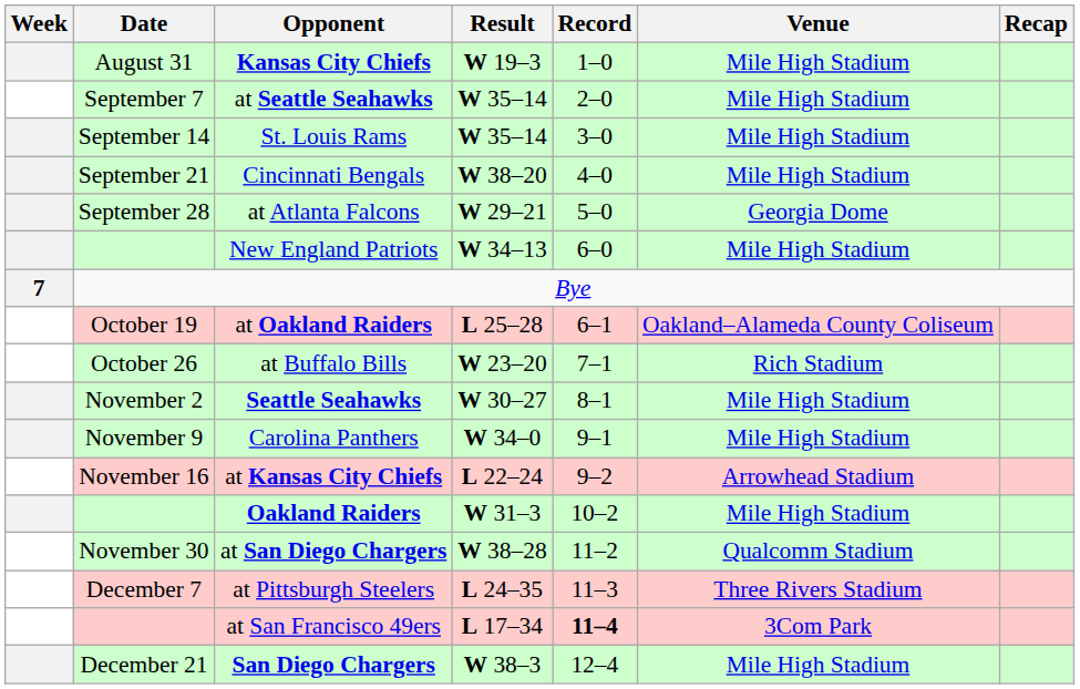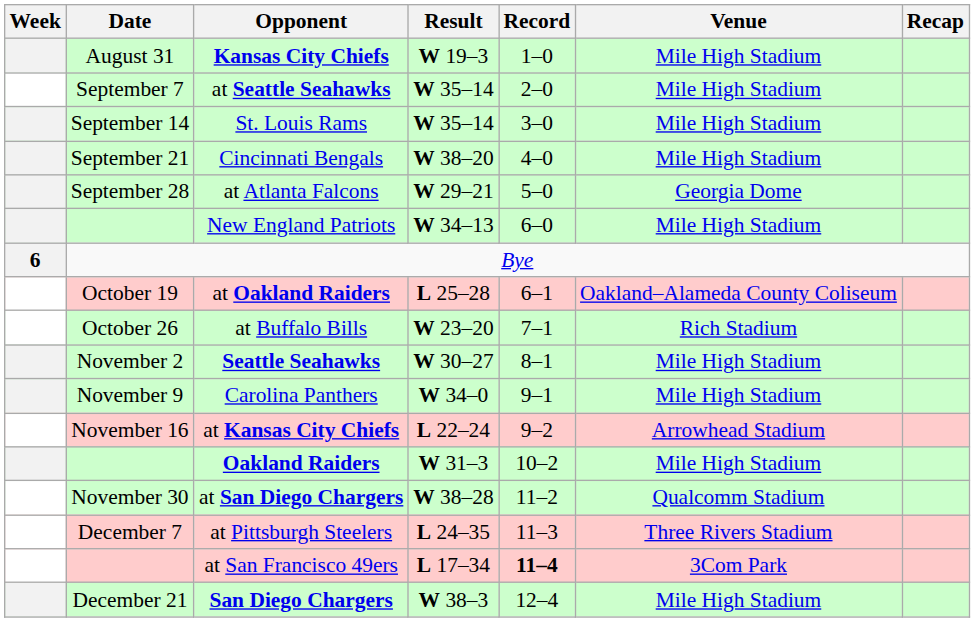 <table class="wikitable" style="text-align:center">
 <tr>
 <th>Week</th>
 <th>Date</th>
 <th>Opponent</th>
 <th>Result</th>
 <th>Record</th>
 <th>Venue</th>
 <th>Recap</th>
 </tr>
 <tr style="background:#cfc">
 <th></th>
 <td>August 31</td>
 <td><strong><a href='#'>Kansas City Chiefs</a></strong></td>
 <td><strong>W</strong> 19–3</td>
 <td>1–0</td>
 <td><a href='#'>Mile High Stadium</a></td>
 <td></td>
 </tr>
 <tr style="background:#cfc">
 <th style="background:white;color:#03202F"></th>
 <td>September 7</td>
 <td>at <strong><a href='#'>Seattle Seahawks</a></strong></td>
 <td><strong>W</strong> 35–14</td>
 <td>2–0</td>
 <td><a href='#'>Mile High Stadium</a></td>
 <td></td>
 </tr>
 <tr style="background:#cfc">
 <th></th>
 <td>September 14</td>
 <td><a href='#'>St. Louis Rams</a></td>
 <td><strong>W</strong> 35–14</td>
 <td>3–0</td>
 <td><a href='#'>Mile High Stadium</a></td>
 <td></td>
 </tr>
 <tr style="background:#cfc">
 <th></th>
 <td>September 21</td>
 <td><a href='#'>Cincinnati Bengals</a></td>
 <td><strong>W</strong> 38–20</td>
 <td>4–0</td>
 <td><a href='#'>Mile High Stadium</a></td>
 <td></td>
 </tr>
 <tr style="background:#cfc">
 <th></th>
 <td>September 28</td>
 <td>at <a href='#'>Atlanta Falcons</a></td>
 <td><strong>W</strong> 29–21</td>
 <td>5–0</td>
 <td><a href='#'>Georgia Dome</a></td>
 <td></td>
 </tr>
 <tr style="background:#cfc">
 <th></th>
 <td></td>
 <td><a href='#'>New England Patriots</a></td>
 <td><strong>W</strong> 34–13</td>
 <td>6–0</td>
 <td><a href='#'>Mile High Stadium</a></td>
 <td></td>
 </tr>
 <tr style="text-align:center">
-<th>7</th>
+<th>6</th>
 <td colspan="8" style="text-align:center"><em><a href='#'>Bye</a></em></td>
 </tr>
 <tr style="background:#fcc">
 <th style="background:white;color:#03202F"></th>
 <td>October 19</td>
 <td>at <strong><a href='#'>Oakland Raiders</a></strong></td>
 <td><strong>L</strong> 25–28</td>
 <td>6–1</td>
 <td><a href='#'>Oakland–Alameda County Coliseum</a></td>
 <td></td>
 </tr>
 <tr style="background:#cfc">
 <th style="background:white;color:#03202F"></th>
 <td>October 26</td>
 <td>at <a href='#'>Buffalo Bills</a></td>
 <td><strong>W</strong> 23–20 </td>
 <td>7–1</td>
 <td><a href='#'>Rich Stadium</a></td>
 <td></td>
 </tr>
 <tr style="background:#cfc">
 <th></th>
 <td>November 2</td>
 <td><strong><a href='#'>Seattle Seahawks</a></strong></td>
 <td><strong>W</strong> 30–27</td>
 <td>8–1</td>
 <td><a href='#'>Mile High Stadium</a></td>
 <td></td>
 </tr>
 <tr style="background:#cfc">
 <th></th>
 <td>November 9</td>
 <td><a href='#'>Carolina Panthers</a></td>
 <td><strong>W</strong> 34–0</td>
 <td>9–1</td>
 <td><a href='#'>Mile High Stadium</a></td>
 <td></td>
 </tr>
 <tr style="background:#fcc">
 <th style="background:white;color:#03202F"></th>
 <td>November 16</td>
 <td>at <strong><a href='#'>Kansas City Chiefs</a></strong></td>
 <td><strong>L</strong> 22–24</td>
 <td>9–2</td>
 <td><a href='#'>Arrowhead Stadium</a></td>
 <td></td>
 </tr>
 <tr style="background:#cfc">
 <th></th>
 <td></td>
 <td><strong><a href='#'>Oakland Raiders</a></strong></td>
 <td><strong>W</strong> 31–3</td>
 <td>10–2</td>
 <td><a href='#'>Mile High Stadium</a></td>
 <td></td>
 </tr>
 <tr style="background:#cfc">
 <th style="background:white;color:#03202F"></th>
 <td>November 30</td>
 <td>at <strong><a href='#'>San Diego Chargers</a></strong></td>
 <td><strong>W</strong> 38–28</td>
 <td>11–2</td>
 <td><a href='#'>Qualcomm Stadium</a></td>
 <td></td>
 </tr>
 <tr style="background:#fcc">
 <th style="background:white;color:#03202F"></th>
 <td>December 7</td>
 <td>at <a href='#'>Pittsburgh Steelers</a></td>
 <td><strong>L</strong> 24–35</td>
 <td>11–3</td>
 <td><a href='#'>Three Rivers Stadium</a></td>
 <td></td>
 </tr>
 <tr style="background:#fcc">
 <th style="background:white;color:#03202F"></th>
 <td></td>
 <td>at <a href='#'>San Francisco 49ers</a></td>
 <td><strong>L</strong> 17–34</td>
 <td><strong>11–4</strong></td>
 <td><a href='#'>3Com Park</a></td>
 <td></td>
 </tr>
 <tr style="background:#cfc">
 <th></th>
 <td>December 21</td>
 <td><strong><a href='#'>San Diego Chargers</a></strong></td>
 <td><strong>W</strong> 38–3</td>
 <td>12–4</td>
 <td><a href='#'>Mile High Stadium</a></td>
 <td></td>
 </tr>
 </table>
